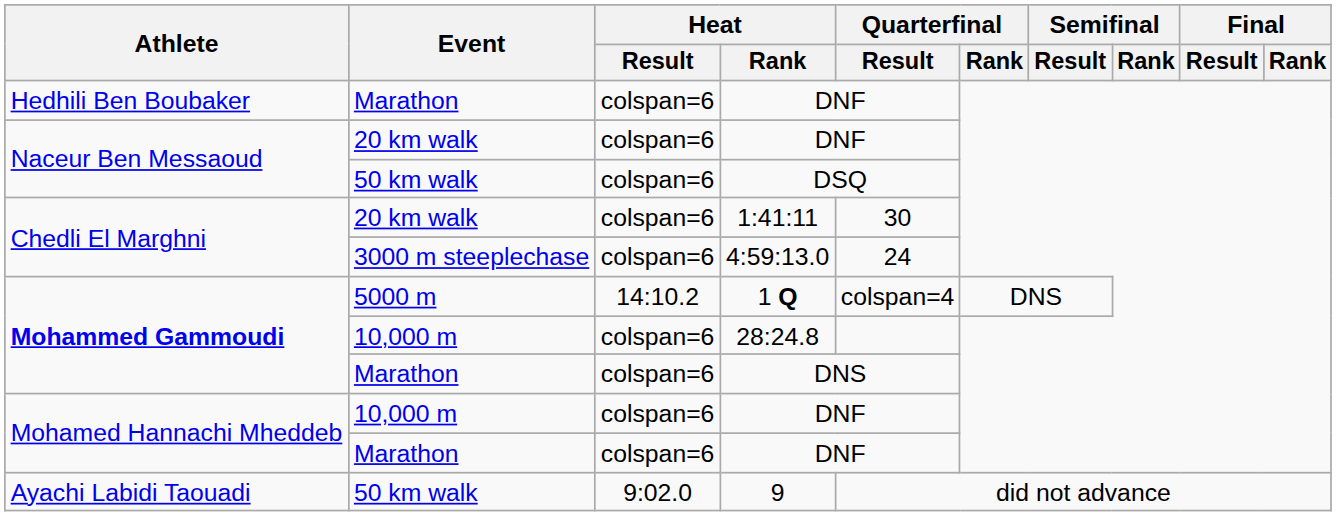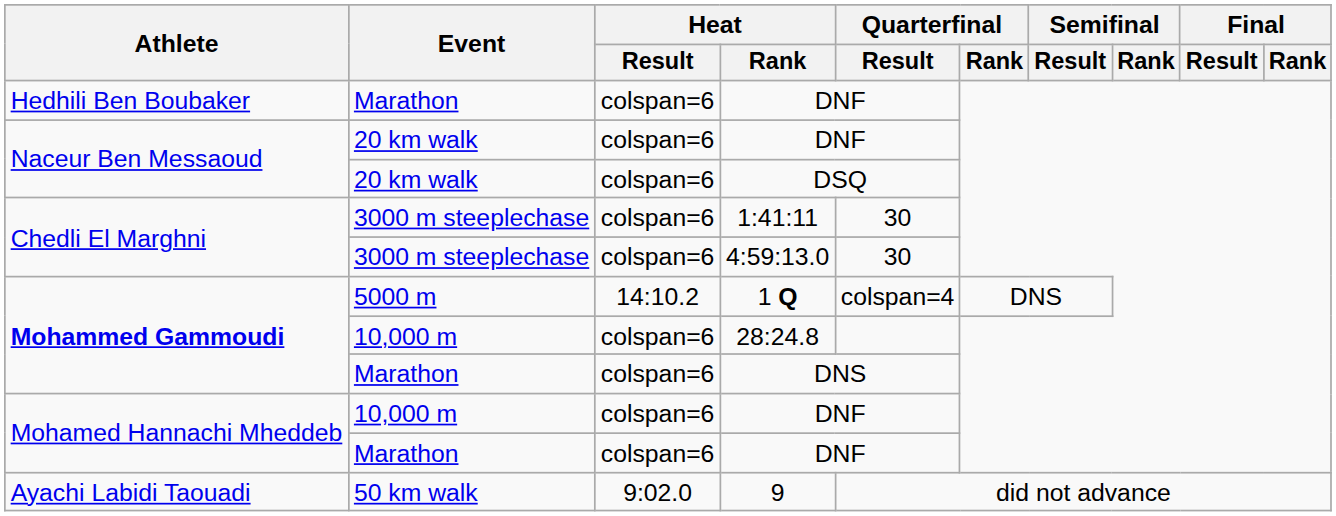 <table class="wikitable" style="font-size:90%">
 <tr>
 <th rowspan="2">Athlete</th>
 <th rowspan="2">Event</th>
 <th colspan="2">Heat</th>
 <th colspan="2">Quarterfinal</th>
 <th colspan="2">Semifinal</th>
 <th colspan="2">Final</th>
 </tr>
 <tr style="font-size:95%">
 <th>Result</th>
 <th>Rank</th>
 <th>Result</th>
 <th>Rank</th>
 <th>Result</th>
 <th>Rank</th>
 <th>Result</th>
 <th>Rank</th>
 </tr>
 <tr align=center>
 <td align=left><a href='#'>Hedhili Ben Boubaker</a></td>
 <td align=left><a href='#'>Marathon</a></td>
 <td>colspan=6 </td>
 <td colspan=2>DNF</td>
 </tr>
 <tr align=center>
 <td align=left rowspan=2><a href='#'>Naceur Ben Messaoud</a></td>
 <td align=left><a href='#'>20 km walk</a></td>
 <td>colspan=6 </td>
 <td colspan=2>DNF</td>
 </tr>
 <tr align=center>
-<td align=left><a href='#'>50 km walk</a></td>
+<td align=left><a href='#'>20 km walk</a></td>
 <td>colspan=6 </td>
 <td colspan=2>DSQ</td>
 </tr>
 <tr align=center>
 <td align=left rowspan=2><a href='#'>Chedli El Marghni</a></td>
-<td align=left><a href='#'>20 km walk</a></td>
+<td align=left><a href='#'>3000 m steeplechase</a></td>
 <td>colspan=6 </td>
 <td>1:41:11</td>
 <td>30</td>
 </tr>
 <tr align=center>
 <td align=left><a href='#'>3000 m steeplechase</a></td>
 <td>colspan=6 </td>
 <td>4:59:13.0</td>
-<td>24</td>
+<td>30</td>
 </tr>
 <tr align=center>
 <td align=left rowspan=3><strong><a href='#'>Mohammed Gammoudi</a></strong></td>
 <td align=left><a href='#'>5000 m</a></td>
 <td>14:10.2</td>
 <td>1 <strong>Q</strong></td>
 <td>colspan=4 </td>
 <td colspan=2>DNS</td>
 </tr>
 <tr align=center>
 <td align=left><a href='#'>10,000 m</a></td>
 <td>colspan=6 </td>
 <td>28:24.8</td>
 <td></td>
 </tr>
 <tr align=center>
 <td align=left><a href='#'>Marathon</a></td>
 <td>colspan=6 </td>
 <td colspan=2>DNS</td>
 </tr>
 <tr align=center>
 <td align=left rowspan=2><a href='#'>Mohamed Hannachi Mheddeb</a></td>
 <td align=left><a href='#'>10,000 m</a></td>
 <td>colspan=6 </td>
 <td colspan=2>DNF</td>
 </tr>
 <tr align=center>
 <td align=left><a href='#'>Marathon</a></td>
 <td>colspan=6 </td>
 <td colspan=2>DNF</td>
 </tr>
 <tr align=center>
 <td align=left><a href='#'>Ayachi Labidi Taouadi</a></td>
 <td align=left><a href='#'>50 km walk</a></td>
 <td>9:02.0</td>
 <td>9</td>
 <td colspan=6>did not advance</td>
 </tr>
 </table>
